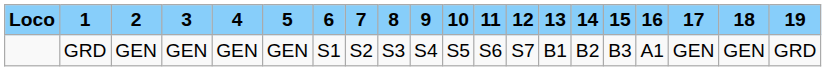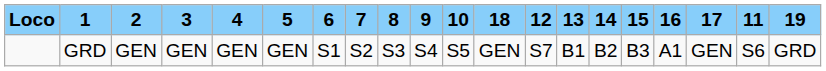 <table class="wikitable plainrowheaders unsortable" style="text-align:center">
 <tr>
 <th scope="col" rowspan="1" style="background:lightskyblue;">Loco</th>
 <th scope="col" rowspan="1" style="background:lightskyblue;">1</th>
 <th scope="col" rowspan="1" style="background:lightskyblue;">2</th>
 <th scope="col" rowspan="1" style="background:lightskyblue;">3</th>
 <th scope="col" rowspan="1" style="background:lightskyblue;">4</th>
 <th scope="col" rowspan="1" style="background:lightskyblue;">5</th>
 <th scope="col" rowspan="1" style="background:lightskyblue;">6</th>
 <th scope="col" rowspan="1" style="background:lightskyblue;">7</th>
 <th scope="col" rowspan="1" style="background:lightskyblue;">8</th>
 <th scope="col" rowspan="1" style="background:lightskyblue;">9</th>
 <th scope="col" rowspan="1" style="background:lightskyblue;">10</th>
-<th scope="col" rowspan="1" style="background:lightskyblue;">11</th>
+<th scope="col" rowspan="1" style="background:lightskyblue;">18</th>
 <th scope="col" rowspan="1" style="background:lightskyblue;">12</th>
 <th scope="col" rowspan="1" style="background:lightskyblue;">13</th>
 <th scope="col" rowspan="1" style="background:lightskyblue;">14</th>
 <th scope="col" rowspan="1" style="background:lightskyblue;">15</th>
 <th scope="col" rowspan="1" style="background:lightskyblue;">16</th>
 <th scope="col" rowspan="1" style="background:lightskyblue;">17</th>
-<th scope="col" rowspan="1" style="background:lightskyblue;">18</th>
+<th scope="col" rowspan="1" style="background:lightskyblue;">11</th>
 <th scope="col" rowspan="1" style="background:lightskyblue;">19</th>
 </tr>
 <tr>
 <td></td>
 <td>GRD</td>
 <td>GEN</td>
 <td>GEN</td>
 <td>GEN</td>
 <td>GEN</td>
 <td>S1</td>
 <td>S2</td>
 <td>S3</td>
 <td>S4</td>
 <td>S5</td>
-<td>S6</td>
+<td>GEN</td>
 <td>S7</td>
 <td>B1</td>
 <td>B2</td>
 <td>B3</td>
 <td>A1</td>
 <td>GEN</td>
-<td>GEN</td>
+<td>S6</td>
 <td>GRD</td>
 </tr>
 </table>
